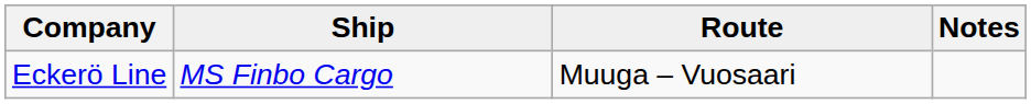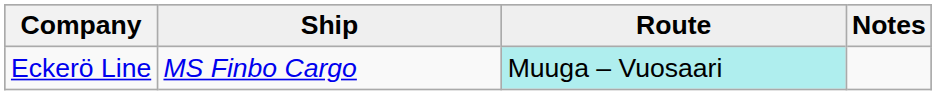 <table class="wikitable">
 <tr>
 <th>Company</th>
 <th style="background: #efefef; border-bottom: 1px;width:200px;">Ship</th>
 <th style="background: #efefef; border-bottom: 1px;width:200px;">Route</th>
 <th>Notes</th>
 </tr>
 <tr>
 <td rowspan="1"> <a href='#'>Eckerö Line</a></td>
 <td rowspan="1"><em><a href='#'>MS Finbo Cargo</a></em></td>
-<td rowspan="1">Muuga – Vuosaari</td>
+<td rowspan="1" style="background: paleturquoise;">Muuga – Vuosaari</td>
 </tr>
 </table>
